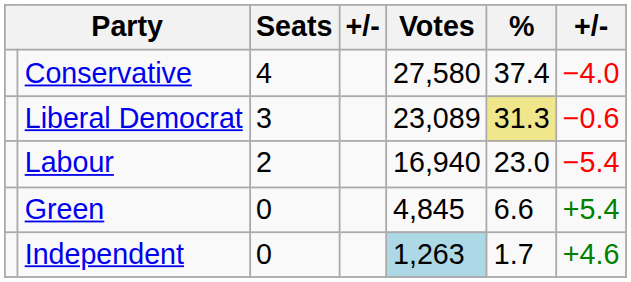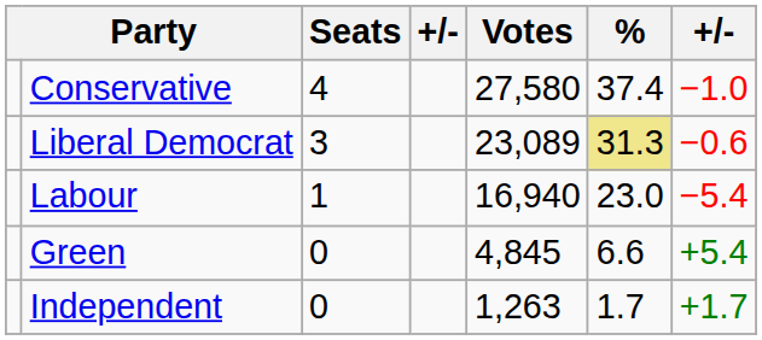 <table class="wikitable">
 <tr>
 <th colspan="2">Party</th>
 <th>Seats</th>
 <th>+/-</th>
 <th>Votes</th>
 <th>%</th>
 <th>+/-</th>
 </tr>
 <tr>
 <td style="background-color: "></td>
 <td><a href='#'>Conservative</a></td>
 <td>4</td>
 <td></td>
 <td>27,580</td>
 <td>37.4</td>
-<td style="color:red">−4.0</td>
+<td style="color:red">−1.0</td>
 </tr>
 <tr>
 <td style="background-color: "></td>
 <td><a href='#'>Liberal Democrat</a></td>
 <td>3</td>
 <td></td>
 <td>23,089</td>
 <td style="background: khaki;">31.3</td>
 <td style="color:red">−0.6</td>
 </tr>
 <tr>
 <td style="background-color: "></td>
 <td><a href='#'>Labour</a></td>
-<td>2</td>
+<td>1</td>
 <td></td>
 <td>16,940</td>
 <td>23.0</td>
 <td style="color:red">−5.4</td>
 </tr>
 <tr>
 <td style="background-color: "></td>
 <td><a href='#'>Green</a></td>
 <td>0</td>
 <td></td>
 <td>4,845</td>
 <td>6.6</td>
 <td style="color:green">+5.4</td>
 </tr>
 <tr>
 <td style="background-color: "></td>
 <td><a href='#'>Independent</a></td>
 <td>0</td>
 <td></td>
-<td style="background: lightblue;">1,263</td>
+<td>1,263</td>
 <td>1.7</td>
-<td style="color:green">+4.6</td>
+<td style="color:green">+1.7</td>
 </tr>
 </table>
